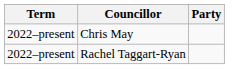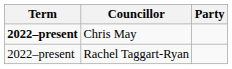 <table class="wikitable">
 <tr>
 <th>Term</th>
 <th>Councillor</th>
 <th colspan=2>Party</th>
 </tr>
 <tr>
-<td>2022–present</td>
+<td><strong>2022–present</strong></td>
 <td>Chris May</td>
 <td></td>
 </tr>
 <tr>
 <td>2022–present</td>
 <td>Rachel Taggart-Ryan</td>
 <td></td>
 </tr>
 </table>
